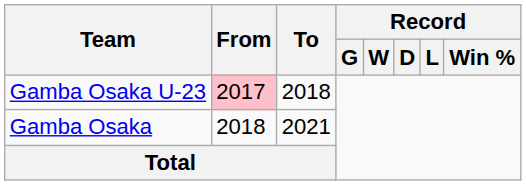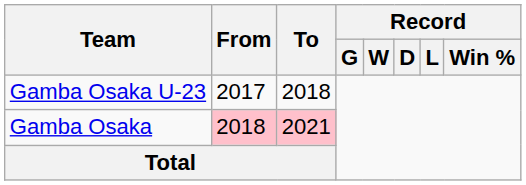 <table class="wikitable" style="text-align: center">
 <tr>
 <th rowspan="2">Team</th>
 <th rowspan="2">From</th>
 <th rowspan="2">To</th>
 <th colspan="5">Record</th>
 </tr>
 <tr>
 <th>G</th>
 <th>W</th>
 <th>D</th>
 <th>L</th>
 <th>Win %</th>
 </tr>
 <tr>
 <td align="left"><a href='#'>Gamba Osaka U-23</a></td>
-<td align="left" style="background: pink;">2017</td>
+<td align="left">2017</td>
 <td align="left">2018<br></td>
 </tr>
 <tr>
 <td align="left"><a href='#'>Gamba Osaka</a></td>
-<td align="left">2018</td>
-<td align="left">2021<br></td>
+<td align="left" style="background: pink;">2018</td>
+<td align="left" style="background: pink;">2021<br></td>
 </tr>
 <tr>
 <th colspan="3">Total<br></th>
 </tr>
 </table>
